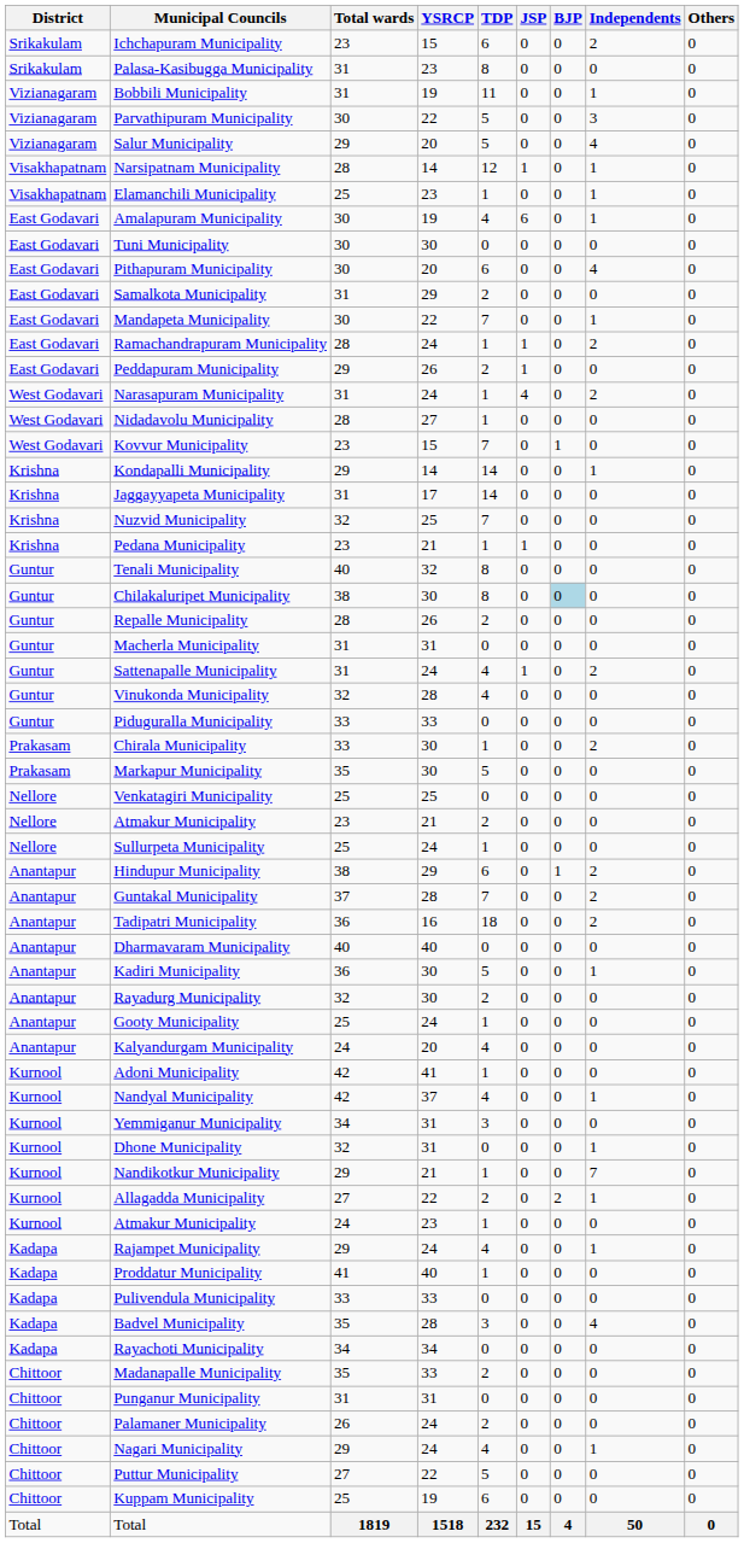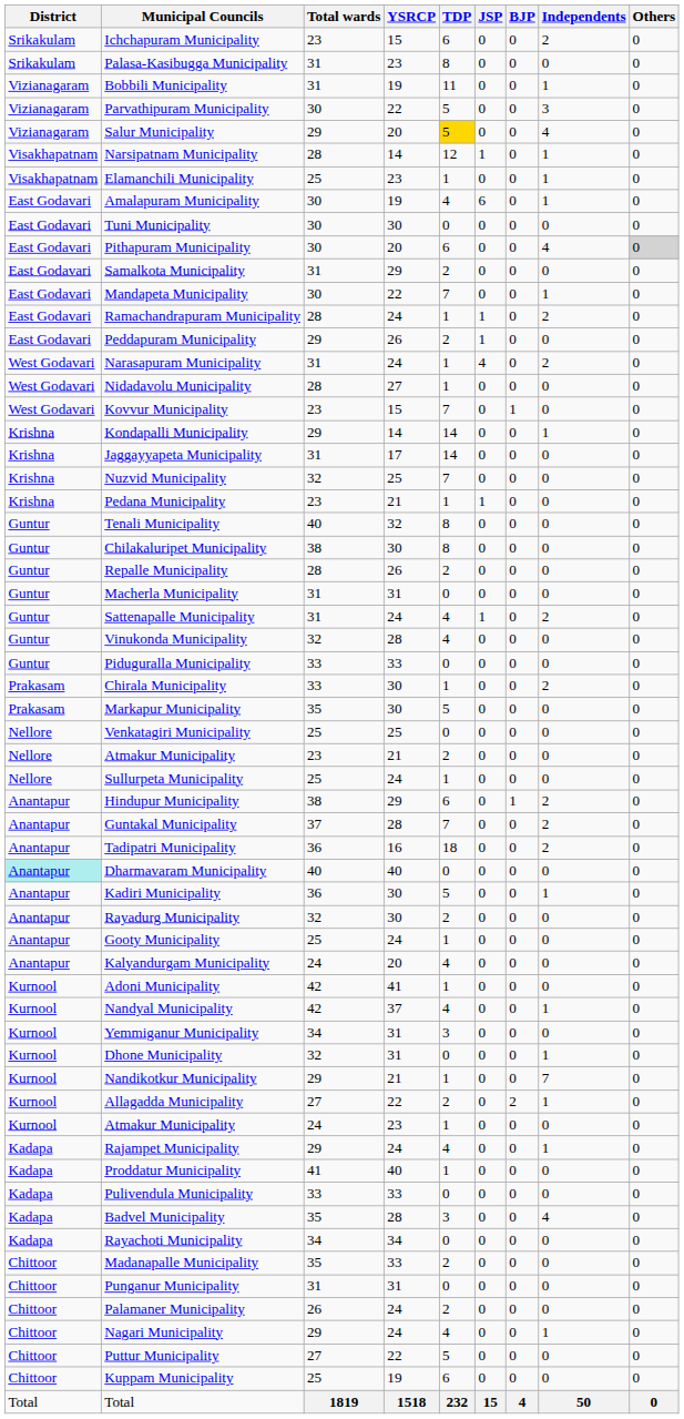 <table class="wikitable sortable">
 <tr>
 <th>District</th>
 <th>Municipal Councils</th>
 <th>Total wards</th>
 <th><a href='#'>YSRCP</a></th>
 <th><a href='#'>TDP</a></th>
 <th><a href='#'>JSP</a></th>
 <th><a href='#'>BJP</a></th>
 <th><a href='#'>Independents</a></th>
 <th>Others</th>
 </tr>
 <tr>
 <td><a href='#'>Srikakulam</a></td>
 <td><a href='#'>Ichchapuram Municipality</a></td>
 <td>23</td>
 <td>15</td>
 <td>6</td>
 <td>0</td>
 <td>0</td>
 <td>2</td>
 <td>0</td>
 </tr>
 <tr>
 <td><a href='#'>Srikakulam</a></td>
 <td><a href='#'>Palasa-Kasibugga Municipality</a></td>
 <td>31</td>
 <td>23</td>
 <td>8</td>
 <td>0</td>
 <td>0</td>
 <td>0</td>
 <td>0</td>
 </tr>
 <tr>
 <td><a href='#'>Vizianagaram</a></td>
 <td><a href='#'>Bobbili Municipality</a></td>
 <td>31</td>
 <td>19</td>
 <td>11</td>
 <td>0</td>
 <td>0</td>
 <td>1</td>
 <td>0</td>
 </tr>
 <tr>
 <td><a href='#'>Vizianagaram</a></td>
 <td><a href='#'>Parvathipuram Municipality</a></td>
 <td>30</td>
 <td>22</td>
 <td>5</td>
 <td>0</td>
 <td>0</td>
 <td>3</td>
 <td>0</td>
 </tr>
 <tr>
 <td><a href='#'>Vizianagaram</a></td>
 <td><a href='#'>Salur Municipality</a></td>
 <td>29</td>
 <td>20</td>
-<td>5</td>
+<td style="background: gold;">5</td>
 <td>0</td>
 <td>0</td>
 <td>4</td>
 <td>0</td>
 </tr>
 <tr>
 <td><a href='#'>Visakhapatnam</a></td>
 <td><a href='#'>Narsipatnam Municipality</a></td>
 <td>28</td>
 <td>14</td>
 <td>12</td>
 <td>1</td>
 <td>0</td>
 <td>1</td>
 <td>0</td>
 </tr>
 <tr>
 <td><a href='#'>Visakhapatnam</a></td>
 <td><a href='#'>Elamanchili Municipality</a></td>
 <td>25</td>
 <td>23</td>
 <td>1</td>
 <td>0</td>
 <td>0</td>
 <td>1</td>
 <td>0</td>
 </tr>
 <tr>
 <td><a href='#'>East Godavari</a></td>
 <td><a href='#'>Amalapuram Municipality</a></td>
 <td>30</td>
 <td>19</td>
 <td>4</td>
 <td>6</td>
 <td>0</td>
 <td>1</td>
 <td>0</td>
 </tr>
 <tr>
 <td><a href='#'>East Godavari</a></td>
 <td><a href='#'>Tuni Municipality</a></td>
 <td>30</td>
 <td>30</td>
 <td>0</td>
 <td>0</td>
 <td>0</td>
 <td>0</td>
 <td>0</td>
 </tr>
 <tr>
 <td><a href='#'>East Godavari</a></td>
 <td><a href='#'>Pithapuram Municipality</a></td>
 <td>30</td>
 <td>20</td>
 <td>6</td>
 <td>0</td>
 <td>0</td>
 <td>4</td>
-<td>0</td>
+<td style="background: lightgrey;">0</td>
 </tr>
 <tr>
 <td><a href='#'>East Godavari</a></td>
 <td><a href='#'>Samalkota Municipality</a></td>
 <td>31</td>
 <td>29</td>
 <td>2</td>
 <td>0</td>
 <td>0</td>
 <td>0</td>
 <td>0</td>
 </tr>
 <tr>
 <td><a href='#'>East Godavari</a></td>
 <td><a href='#'>Mandapeta Municipality</a></td>
 <td>30</td>
 <td>22</td>
 <td>7</td>
 <td>0</td>
 <td>0</td>
 <td>1</td>
 <td>0</td>
 </tr>
 <tr>
 <td><a href='#'>East Godavari</a></td>
 <td><a href='#'>Ramachandrapuram Municipality</a></td>
 <td>28</td>
 <td>24</td>
 <td>1</td>
 <td>1</td>
 <td>0</td>
 <td>2</td>
 <td>0</td>
 </tr>
 <tr>
 <td><a href='#'>East Godavari</a></td>
 <td><a href='#'>Peddapuram Municipality</a></td>
 <td>29</td>
 <td>26</td>
 <td>2</td>
 <td>1</td>
 <td>0</td>
 <td>0</td>
 <td>0</td>
 </tr>
 <tr>
 <td><a href='#'>West Godavari</a></td>
 <td><a href='#'>Narasapuram Municipality</a></td>
 <td>31</td>
 <td>24</td>
 <td>1</td>
 <td>4</td>
 <td>0</td>
 <td>2</td>
 <td>0</td>
 </tr>
 <tr>
 <td><a href='#'>West Godavari</a></td>
 <td><a href='#'>Nidadavolu Municipality</a></td>
 <td>28</td>
 <td>27</td>
 <td>1</td>
 <td>0</td>
 <td>0</td>
 <td>0</td>
 <td>0</td>
 </tr>
 <tr>
 <td><a href='#'>West Godavari</a></td>
 <td><a href='#'>Kovvur Municipality</a></td>
 <td>23</td>
 <td>15</td>
 <td>7</td>
 <td>0</td>
 <td>1</td>
 <td>0</td>
 <td>0</td>
 </tr>
 <tr>
 <td><a href='#'>Krishna</a></td>
 <td><a href='#'>Kondapalli Municipality</a></td>
 <td>29</td>
 <td>14</td>
 <td>14</td>
 <td>0</td>
 <td>0</td>
 <td>1</td>
 <td>0</td>
 </tr>
 <tr>
 <td><a href='#'>Krishna</a></td>
 <td><a href='#'>Jaggayyapeta Municipality</a></td>
 <td>31</td>
 <td>17</td>
 <td>14</td>
 <td>0</td>
 <td>0</td>
 <td>0</td>
 <td>0</td>
 </tr>
 <tr>
 <td><a href='#'>Krishna</a></td>
 <td><a href='#'>Nuzvid Municipality</a></td>
 <td>32</td>
 <td>25</td>
 <td>7</td>
 <td>0</td>
 <td>0</td>
 <td>0</td>
 <td>0</td>
 </tr>
 <tr>
 <td><a href='#'>Krishna</a></td>
 <td><a href='#'>Pedana Municipality</a></td>
 <td>23</td>
 <td>21</td>
 <td>1</td>
 <td>1</td>
 <td>0</td>
 <td>0</td>
 <td>0</td>
 </tr>
 <tr>
 <td><a href='#'>Guntur</a></td>
 <td><a href='#'>Tenali Municipality</a></td>
 <td>40</td>
 <td>32</td>
 <td>8</td>
 <td>0</td>
 <td>0</td>
 <td>0</td>
 <td>0</td>
 </tr>
 <tr>
 <td><a href='#'>Guntur</a></td>
 <td><a href='#'>Chilakaluripet Municipality</a></td>
 <td>38</td>
 <td>30</td>
 <td>8</td>
 <td>0</td>
-<td style="background: lightblue;">0</td>
+<td>0</td>
 <td>0</td>
 <td>0</td>
 </tr>
 <tr>
 <td><a href='#'>Guntur</a></td>
 <td><a href='#'>Repalle Municipality</a></td>
 <td>28</td>
 <td>26</td>
 <td>2</td>
 <td>0</td>
 <td>0</td>
 <td>0</td>
 <td>0</td>
 </tr>
 <tr>
 <td><a href='#'>Guntur</a></td>
 <td><a href='#'>Macherla Municipality</a></td>
 <td>31</td>
 <td>31</td>
 <td>0</td>
 <td>0</td>
 <td>0</td>
 <td>0</td>
 <td>0</td>
 </tr>
 <tr>
 <td><a href='#'>Guntur</a></td>
 <td><a href='#'>Sattenapalle Municipality</a></td>
 <td>31</td>
 <td>24</td>
 <td>4</td>
 <td>1</td>
 <td>0</td>
 <td>2</td>
 <td>0</td>
 </tr>
 <tr>
 <td><a href='#'>Guntur</a></td>
 <td><a href='#'>Vinukonda Municipality</a></td>
 <td>32</td>
 <td>28</td>
 <td>4</td>
 <td>0</td>
 <td>0</td>
 <td>0</td>
 <td>0</td>
 </tr>
 <tr>
 <td><a href='#'>Guntur</a></td>
 <td><a href='#'>Piduguralla Municipality</a></td>
 <td>33</td>
 <td>33</td>
 <td>0</td>
 <td>0</td>
 <td>0</td>
 <td>0</td>
 <td>0</td>
 </tr>
 <tr>
 <td><a href='#'>Prakasam</a></td>
 <td><a href='#'>Chirala Municipality</a></td>
 <td>33</td>
 <td>30</td>
 <td>1</td>
 <td>0</td>
 <td>0</td>
 <td>2</td>
 <td>0</td>
 </tr>
 <tr>
 <td><a href='#'>Prakasam</a></td>
 <td><a href='#'>Markapur Municipality</a></td>
 <td>35</td>
 <td>30</td>
 <td>5</td>
 <td>0</td>
 <td>0</td>
 <td>0</td>
 <td>0</td>
 </tr>
 <tr>
 <td><a href='#'>Nellore</a></td>
 <td><a href='#'>Venkatagiri Municipality</a></td>
 <td>25</td>
 <td>25</td>
 <td>0</td>
 <td>0</td>
 <td>0</td>
 <td>0</td>
 <td>0</td>
 </tr>
 <tr>
 <td><a href='#'>Nellore</a></td>
 <td><a href='#'>Atmakur Municipality</a></td>
 <td>23</td>
 <td>21</td>
 <td>2</td>
 <td>0</td>
 <td>0</td>
 <td>0</td>
 <td>0</td>
 </tr>
 <tr>
 <td><a href='#'>Nellore</a></td>
 <td><a href='#'> Sullurpeta Municipality</a></td>
 <td>25</td>
 <td>24</td>
 <td>1</td>
 <td>0</td>
 <td>0</td>
 <td>0</td>
 <td>0</td>
 </tr>
 <tr>
 <td><a href='#'>Anantapur</a></td>
 <td><a href='#'>Hindupur Municipality</a></td>
 <td>38</td>
 <td>29</td>
 <td>6</td>
 <td>0</td>
 <td>1</td>
 <td>2</td>
 <td>0</td>
 </tr>
 <tr>
 <td><a href='#'>Anantapur</a></td>
 <td><a href='#'>Guntakal Municipality</a></td>
 <td>37</td>
 <td>28</td>
 <td>7</td>
 <td>0</td>
 <td>0</td>
 <td>2</td>
 <td>0</td>
 </tr>
 <tr>
 <td><a href='#'>Anantapur</a></td>
 <td><a href='#'>Tadipatri Municipality</a></td>
 <td>36</td>
 <td>16</td>
 <td>18</td>
 <td>0</td>
 <td>0</td>
 <td>2</td>
 <td>0</td>
 </tr>
 <tr>
-<td><a href='#'>Anantapur</a></td>
+<td style="background: paleturquoise;"><a href='#'>Anantapur</a></td>
 <td><a href='#'>Dharmavaram Municipality</a></td>
 <td>40</td>
 <td>40</td>
 <td>0</td>
 <td>0</td>
 <td>0</td>
 <td>0</td>
 <td>0</td>
 </tr>
 <tr>
 <td><a href='#'>Anantapur</a></td>
 <td><a href='#'>Kadiri Municipality</a></td>
 <td>36</td>
 <td>30</td>
 <td>5</td>
 <td>0</td>
 <td>0</td>
 <td>1</td>
 <td>0</td>
 </tr>
 <tr>
 <td><a href='#'>Anantapur</a></td>
 <td><a href='#'>Rayadurg Municipality</a></td>
 <td>32</td>
 <td>30</td>
 <td>2</td>
 <td>0</td>
 <td>0</td>
 <td>0</td>
 <td>0</td>
 </tr>
 <tr>
 <td><a href='#'>Anantapur</a></td>
 <td><a href='#'>Gooty Municipality</a></td>
 <td>25</td>
 <td>24</td>
 <td>1</td>
 <td>0</td>
 <td>0</td>
 <td>0</td>
 <td>0</td>
 </tr>
 <tr>
 <td><a href='#'>Anantapur</a></td>
 <td><a href='#'>Kalyandurgam Municipality</a></td>
 <td>24</td>
 <td>20</td>
 <td>4</td>
 <td>0</td>
 <td>0</td>
 <td>0</td>
 <td>0</td>
 </tr>
 <tr>
 <td><a href='#'>Kurnool</a></td>
 <td><a href='#'>Adoni Municipality</a></td>
 <td>42</td>
 <td>41</td>
 <td>1</td>
 <td>0</td>
 <td>0</td>
 <td>0</td>
 <td>0</td>
 </tr>
 <tr>
 <td><a href='#'>Kurnool</a></td>
 <td><a href='#'>Nandyal Municipality</a></td>
 <td>42</td>
 <td>37</td>
 <td>4</td>
 <td>0</td>
 <td>0</td>
 <td>1</td>
 <td>0</td>
 </tr>
 <tr>
 <td><a href='#'>Kurnool</a></td>
 <td><a href='#'>Yemmiganur Municipality</a></td>
 <td>34</td>
 <td>31</td>
 <td>3</td>
 <td>0</td>
 <td>0</td>
 <td>0</td>
 <td>0</td>
 </tr>
 <tr>
 <td><a href='#'>Kurnool</a></td>
 <td><a href='#'>Dhone Municipality</a></td>
 <td>32</td>
 <td>31</td>
 <td>0</td>
 <td>0</td>
 <td>0</td>
 <td>1</td>
 <td>0</td>
 </tr>
 <tr>
 <td><a href='#'>Kurnool</a></td>
 <td><a href='#'>Nandikotkur Municipality</a></td>
 <td>29</td>
 <td>21</td>
 <td>1</td>
 <td>0</td>
 <td>0</td>
 <td>7</td>
 <td>0</td>
 </tr>
 <tr>
 <td><a href='#'>Kurnool</a></td>
 <td><a href='#'>Allagadda Municipality</a></td>
 <td>27</td>
 <td>22</td>
 <td>2</td>
 <td>0</td>
 <td>2</td>
 <td>1</td>
 <td>0</td>
 </tr>
 <tr>
 <td><a href='#'>Kurnool</a></td>
 <td><a href='#'>Atmakur Municipality</a></td>
 <td>24</td>
 <td>23</td>
 <td>1</td>
 <td>0</td>
 <td>0</td>
 <td>0</td>
 <td>0</td>
 </tr>
 <tr>
 <td><a href='#'>Kadapa</a></td>
 <td><a href='#'>Rajampet Municipality</a></td>
 <td>29</td>
 <td>24</td>
 <td>4</td>
 <td>0</td>
 <td>0</td>
 <td>1</td>
 <td>0</td>
 </tr>
 <tr>
 <td><a href='#'>Kadapa</a></td>
 <td><a href='#'>Proddatur Municipality</a></td>
 <td>41</td>
 <td>40</td>
 <td>1</td>
 <td>0</td>
 <td>0</td>
 <td>0</td>
 <td>0</td>
 </tr>
 <tr>
 <td><a href='#'>Kadapa</a></td>
 <td><a href='#'>Pulivendula Municipality</a></td>
 <td>33</td>
 <td>33</td>
 <td>0</td>
 <td>0</td>
 <td>0</td>
 <td>0</td>
 <td>0</td>
 </tr>
 <tr>
 <td><a href='#'>Kadapa</a></td>
 <td><a href='#'>Badvel Municipality</a></td>
 <td>35</td>
 <td>28</td>
 <td>3</td>
 <td>0</td>
 <td>0</td>
 <td>4</td>
 <td>0</td>
 </tr>
 <tr>
 <td><a href='#'>Kadapa</a></td>
 <td><a href='#'>Rayachoti Municipality</a></td>
 <td>34</td>
 <td>34</td>
 <td>0</td>
 <td>0</td>
 <td>0</td>
 <td>0</td>
 <td>0</td>
 </tr>
 <tr>
 <td><a href='#'>Chittoor</a></td>
 <td><a href='#'>Madanapalle Municipality</a></td>
 <td>35</td>
 <td>33</td>
 <td>2</td>
 <td>0</td>
 <td>0</td>
 <td>0</td>
 <td>0</td>
 </tr>
 <tr>
 <td><a href='#'>Chittoor</a></td>
 <td><a href='#'>Punganur Municipality</a></td>
 <td>31</td>
 <td>31</td>
 <td>0</td>
 <td>0</td>
 <td>0</td>
 <td>0</td>
 <td>0</td>
 </tr>
 <tr>
 <td><a href='#'>Chittoor</a></td>
 <td><a href='#'>Palamaner Municipality</a></td>
 <td>26</td>
 <td>24</td>
 <td>2</td>
 <td>0</td>
 <td>0</td>
 <td>0</td>
 <td>0</td>
 </tr>
 <tr>
 <td><a href='#'>Chittoor</a></td>
 <td><a href='#'>Nagari Municipality</a></td>
 <td>29</td>
 <td>24</td>
 <td>4</td>
 <td>0</td>
 <td>0</td>
 <td>1</td>
 <td>0</td>
 </tr>
 <tr>
 <td><a href='#'>Chittoor</a></td>
 <td><a href='#'>Puttur Municipality</a></td>
 <td>27</td>
 <td>22</td>
 <td>5</td>
 <td>0</td>
 <td>0</td>
 <td>0</td>
 <td>0</td>
 </tr>
 <tr>
 <td><a href='#'>Chittoor</a></td>
 <td><a href='#'>Kuppam Municipality</a></td>
 <td>25</td>
 <td>19</td>
 <td>6</td>
 <td>0</td>
 <td>0</td>
 <td>0</td>
 <td>0</td>
 </tr>
 <tr>
 <td>Total</td>
 <td>Total</td>
 <th>1819</th>
 <th>1518</th>
 <th>232</th>
 <th>15</th>
 <th>4</th>
 <th>50</th>
 <th>0</th>
 </tr>
 </table>
